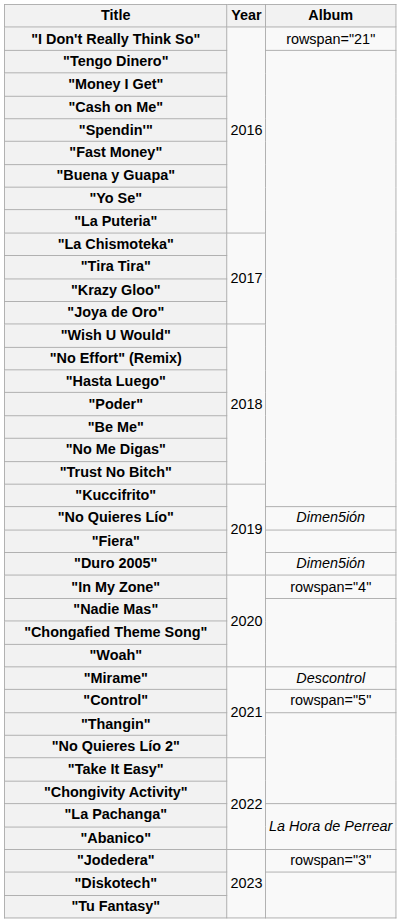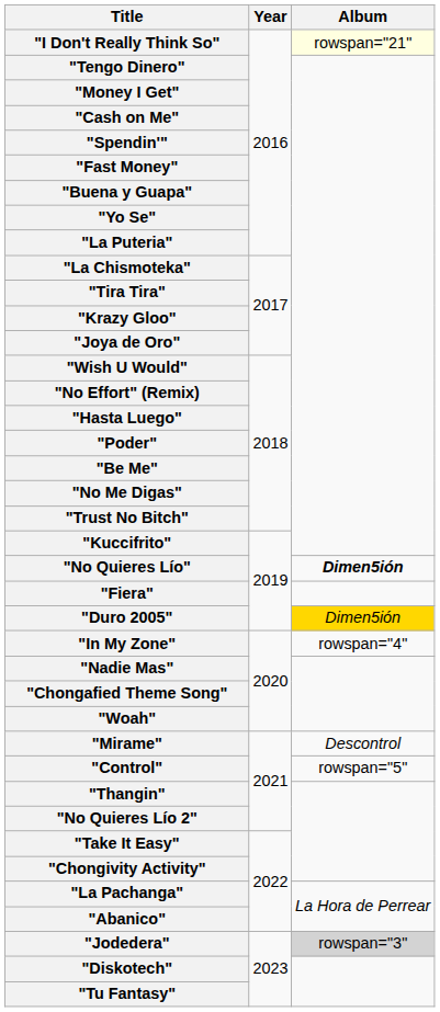 <table class="wikitable plainrowheaders" style="text-align:center;">
 <tr>
 <th scope="col" style="width:15em;">Title</th>
 <th scope="col">Year</th>
 <th scope="col">Album</th>
 </tr>
 <tr>
 <th scope="row">"I Don't Really Think So"</th>
 <td rowspan="9">2016</td>
-<td>rowspan="21" </td>
+<td style="background: lightyellow;">rowspan="21" </td>
 </tr>
 <tr>
 <th scope="row">"Tengo Dinero"<br></th>
 </tr>
 <tr>
 <th scope="row">"Money I Get"</th>
 </tr>
 <tr>
 <th scope="row">"Cash on Me"</th>
 </tr>
 <tr>
 <th scope="row">"Spendin'"</th>
 </tr>
 <tr>
 <th scope="row">"Fast Money"</th>
 </tr>
 <tr>
 <th scope="row">"Buena y Guapa"</th>
 </tr>
 <tr>
 <th scope="row">"Yo Se"</th>
 </tr>
 <tr>
 <th scope="row">"La Puteria"</th>
 </tr>
 <tr>
 <th scope="row">"La Chismoteka"<br></th>
 <td rowspan="4">2017</td>
 </tr>
 <tr>
 <th scope="row">"Tira Tira"<br></th>
 </tr>
 <tr>
 <th scope="row">"Krazy Gloo"</th>
 </tr>
 <tr>
 <th scope="row">"Joya de Oro"<br></th>
 </tr>
 <tr>
 <th scope="row">"Wish U Would"</th>
 <td rowspan="7">2018</td>
 </tr>
 <tr>
 <th scope="row">"No Effort" (Remix)</th>
 </tr>
 <tr>
 <th scope="row">"Hasta Luego"</th>
 </tr>
 <tr>
 <th scope="row">"Poder"</th>
 </tr>
 <tr>
 <th scope="row">"Be Me"</th>
 </tr>
 <tr>
 <th scope="row">"No Me Digas"</th>
 </tr>
 <tr>
 <th scope="row">"Trust No Bitch"<br></th>
 </tr>
 <tr>
 <th scope="row">"Kuccifrito"<br></th>
 <td rowspan="4">2019</td>
 </tr>
 <tr>
 <th scope="row">"No Quieres Lío"</th>
-<td><em>Dimen5ión</em></td>
+<td><strong><em>Dimen5ión</em></strong></td>
 </tr>
 <tr>
 <th scope="row">"Fiera"</th>
 <td></td>
 </tr>
 <tr>
 <th scope="row">"Duro 2005"</th>
-<td><em>Dimen5ión</em></td>
+<td style="background: gold;"><em>Dimen5ión</em></td>
 </tr>
 <tr>
 <th scope="row">"In My Zone"</th>
 <td rowspan="4">2020</td>
 <td>rowspan="4" </td>
 </tr>
 <tr>
 <th scope="row">"Nadie Mas"</th>
 </tr>
 <tr>
 <th scope="row">"Chongafied Theme Song"</th>
 </tr>
 <tr>
 <th scope="row">"Woah"</th>
 </tr>
 <tr>
 <th scope="row">"Mirame"</th>
 <td rowspan="4">2021</td>
 <td><em>Descontrol</em></td>
 </tr>
 <tr>
 <th scope="row">"Control"</th>
 <td>rowspan="5" </td>
 </tr>
 <tr>
 <th scope="row">"Thangin"<br></th>
 </tr>
 <tr>
 <th scope="row">"No Quieres Lío 2"</th>
 </tr>
 <tr>
 <th scope="row">"Take It Easy"<br></th>
 <td rowspan="4">2022</td>
 </tr>
 <tr>
 <th scope="row">"Chongivity Activity"</th>
 </tr>
 <tr>
 <th scope="row">"La Pachanga"</th>
 <td rowspan="2"><em>La Hora de Perrear</em></td>
 </tr>
 <tr>
 <th scope="row">"Abanico"</th>
 </tr>
 <tr>
 <th scope="row">"Jodedera"</th>
 <td rowspan="3">2023</td>
-<td>rowspan="3" </td>
+<td style="background: lightgrey;">rowspan="3" </td>
 </tr>
 <tr>
 <th scope="row">"Diskotech"<br></th>
 </tr>
 <tr>
 <th scope="row">"Tu Fantasy"<br></th>
 </tr>
 </table>
